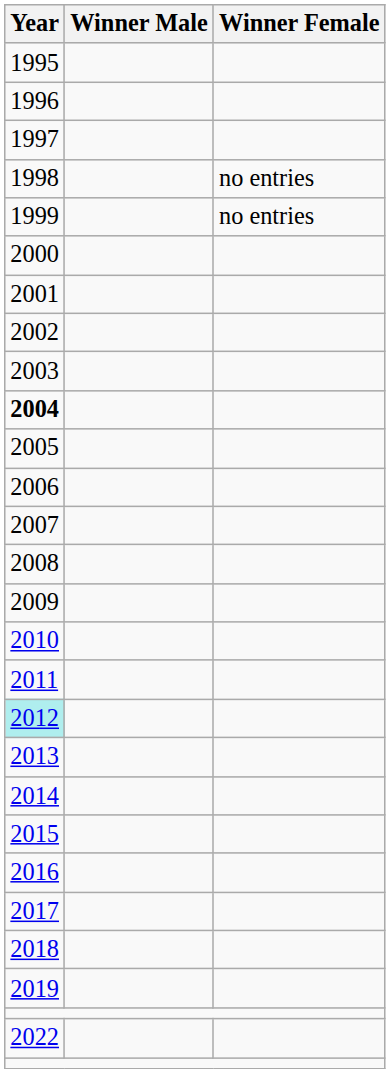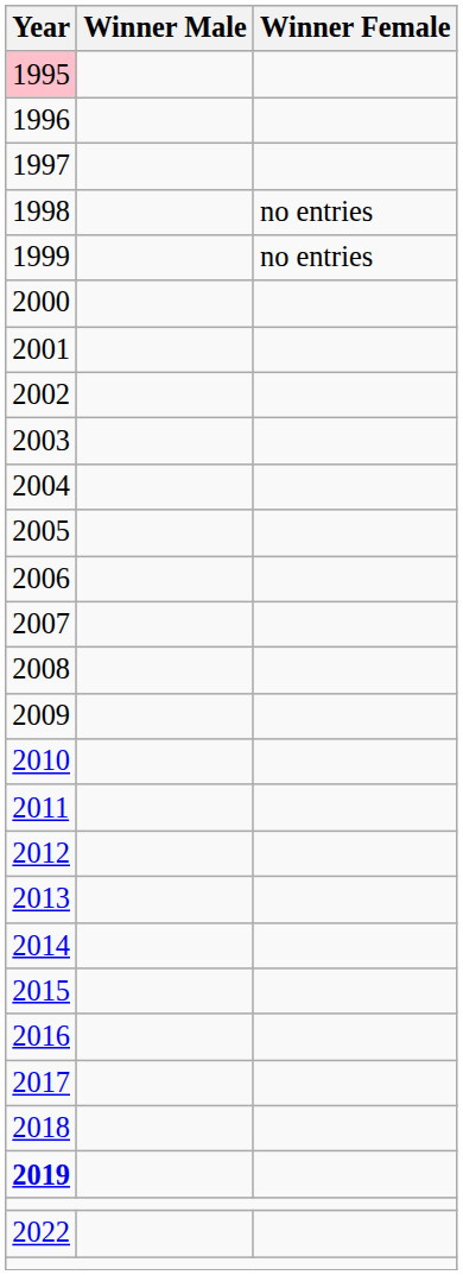 <table class="wikitable" style="text-align:left">
 <tr>
 <th>Year</th>
 <th>Winner Male</th>
 <th>Winner Female</th>
 </tr>
 <tr>
-<td>1995</td>
+<td style="background: pink;">1995</td>
 <td></td>
 <td></td>
 </tr>
 <tr>
 <td>1996</td>
 <td></td>
 <td></td>
 </tr>
 <tr>
 <td>1997</td>
 <td></td>
 <td></td>
 </tr>
 <tr>
 <td>1998</td>
 <td></td>
 <td>no entries</td>
 </tr>
 <tr>
 <td>1999</td>
 <td></td>
 <td>no entries</td>
 </tr>
 <tr>
 <td>2000</td>
 <td></td>
 <td></td>
 </tr>
 <tr>
 <td>2001</td>
 <td></td>
 <td></td>
 </tr>
 <tr>
 <td>2002</td>
 <td></td>
 <td></td>
 </tr>
 <tr>
 <td>2003</td>
 <td></td>
 <td></td>
 </tr>
 <tr>
-<td><strong>2004</strong></td>
+<td>2004</td>
 <td></td>
 <td></td>
 </tr>
 <tr>
 <td>2005</td>
 <td></td>
 <td></td>
 </tr>
 <tr>
 <td>2006</td>
 <td></td>
 <td></td>
 </tr>
 <tr>
 <td>2007</td>
 <td></td>
 <td></td>
 </tr>
 <tr>
 <td>2008</td>
 <td></td>
 <td></td>
 </tr>
 <tr>
 <td>2009</td>
 <td> </td>
 <td></td>
 </tr>
 <tr>
 <td><a href='#'>2010</a></td>
 <td></td>
 <td></td>
 </tr>
 <tr>
 <td><a href='#'>2011</a></td>
 <td></td>
 <td></td>
 </tr>
 <tr>
-<td style="background: paleturquoise;"><a href='#'>2012</a></td>
+<td><a href='#'>2012</a></td>
 <td></td>
 <td></td>
 </tr>
 <tr>
 <td><a href='#'>2013</a></td>
 <td></td>
 <td></td>
 </tr>
 <tr>
 <td><a href='#'>2014</a></td>
 <td></td>
 <td></td>
 </tr>
 <tr>
 <td><a href='#'>2015</a></td>
 <td></td>
 <td></td>
 </tr>
 <tr>
 <td><a href='#'>2016</a></td>
 <td></td>
 <td></td>
 </tr>
 <tr>
 <td><a href='#'>2017</a></td>
 <td></td>
 <td></td>
 </tr>
 <tr>
 <td><a href='#'>2018</a></td>
 <td></td>
 <td></td>
 </tr>
 <tr>
-<td><a href='#'>2019</a></td>
+<td><strong><a href='#'>2019</a></strong></td>
 <td></td>
 <td></td>
 </tr>
 <tr>
 <td colspan=3></td>
 </tr>
 <tr>
 <td><a href='#'>2022</a></td>
 <td></td>
 <td></td>
 </tr>
 <tr>
 <td colspan=3></td>
 </tr>
 </table>
